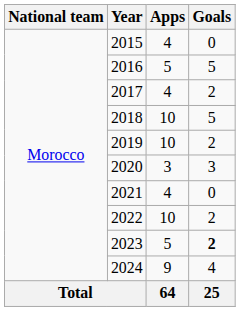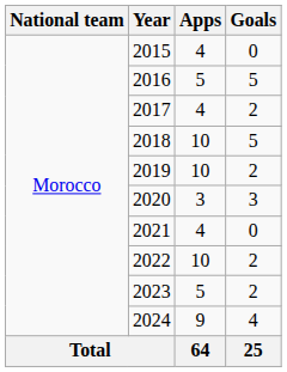 <table class="wikitable" style="text-align:center">
 <tr>
 <th>National team</th>
 <th>Year</th>
 <th>Apps</th>
 <th>Goals</th>
 </tr>
 <tr>
 <td rowspan="10"><a href='#'>Morocco</a></td>
 <td>2015</td>
 <td>4</td>
 <td>0</td>
 </tr>
 <tr>
 <td>2016</td>
 <td>5</td>
 <td>5</td>
 </tr>
 <tr>
 <td>2017</td>
 <td>4</td>
 <td>2</td>
 </tr>
 <tr>
 <td>2018</td>
 <td>10</td>
 <td>5</td>
 </tr>
 <tr>
 <td>2019</td>
 <td>10</td>
 <td>2</td>
 </tr>
 <tr>
 <td>2020</td>
 <td>3</td>
 <td>3</td>
 </tr>
 <tr>
 <td>2021</td>
 <td>4</td>
 <td>0</td>
 </tr>
 <tr>
 <td>2022</td>
 <td>10</td>
 <td>2</td>
 </tr>
 <tr>
 <td>2023</td>
 <td>5</td>
-<td><strong>2</strong></td>
+<td>2</td>
 </tr>
 <tr>
 <td>2024</td>
 <td>9</td>
 <td>4</td>
 </tr>
 <tr>
 <th colspan="2">Total</th>
 <th>64</th>
 <th>25</th>
 </tr>
 </table>
